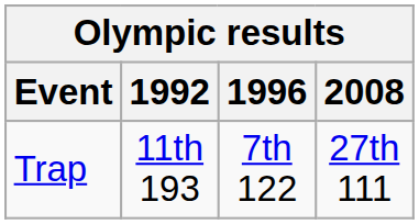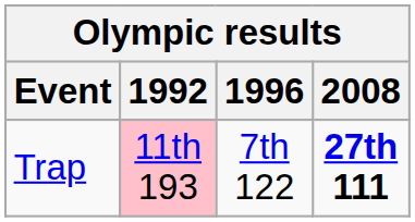 <table class="wikitable" style="text-align: center">
 <tr>
 <th colspan=6>Olympic results</th>
 </tr>
 <tr>
 <th>Event</th>
 <th>1992</th>
 <th>1996</th>
 <th>2008</th>
 </tr>
 <tr>
 <td align=left><a href='#'>Trap</a></td>
-<td><a href='#'>11th</a><br>193</td>
+<td style="background: pink;"><a href='#'>11th</a><br>193</td>
 <td><a href='#'>7th</a><br>122</td>
-<td><a href='#'>27th</a><br>111</td>
+<td><strong><a href='#'>27th</a><br>111</strong></td>
 </tr>
 </table>
